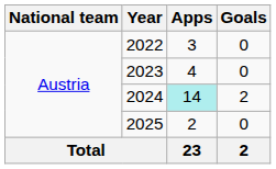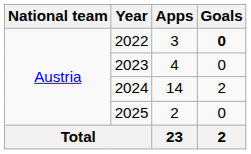 <table class="wikitable" style="text-align:center">
 <tr>
 <th>National team</th>
 <th>Year</th>
 <th>Apps</th>
 <th>Goals</th>
 </tr>
 <tr>
 <td rowspan="4"><a href='#'>Austria</a></td>
 <td>2022</td>
 <td>3</td>
-<td>0</td>
+<td><strong>0</strong></td>
 </tr>
 <tr>
 <td>2023</td>
 <td>4</td>
 <td>0</td>
 </tr>
 <tr>
 <td>2024</td>
-<td style="background: paleturquoise;">14</td>
+<td>14</td>
 <td>2</td>
 </tr>
 <tr>
 <td>2025</td>
 <td>2</td>
 <td>0</td>
 </tr>
 <tr>
 <th colspan="2">Total</th>
 <th>23</th>
 <th>2</th>
 </tr>
 </table>
